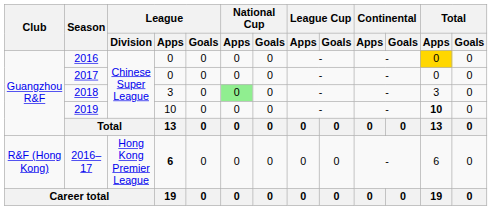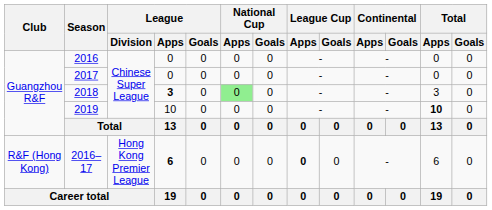 <table class="wikitable" style="text-align: center">
 <tr>
 <th rowspan="2">Club</th>
 <th rowspan="2">Season</th>
 <th colspan="3">League</th>
 <th colspan="2">National Cup</th>
 <th colspan="2">League Cup</th>
 <th colspan="2">Continental</th>
 <th colspan="2">Total</th>
 </tr>
 <tr>
 <th>Division</th>
 <th>Apps</th>
 <th>Goals</th>
 <th>Apps</th>
 <th>Goals</th>
 <th>Apps</th>
 <th>Goals</th>
 <th>Apps</th>
 <th>Goals</th>
 <th>Apps</th>
 <th>Goals</th>
 </tr>
 <tr>
 <td rowspan=5><a href='#'>Guangzhou R&F</a></td>
 <td><a href='#'>2016</a></td>
 <td rowspan=4><a href='#'>Chinese Super League</a></td>
 <td>0</td>
 <td>0</td>
 <td>0</td>
 <td>0</td>
 <td colspan="2">-</td>
 <td colspan="2">-</td>
-<td style="background: gold;">0</td>
+<td>0</td>
 <td>0</td>
 </tr>
 <tr>
 <td><a href='#'>2017</a></td>
 <td>0</td>
 <td>0</td>
 <td>0</td>
 <td>0</td>
 <td colspan="2">-</td>
 <td colspan="2">-</td>
 <td>0</td>
 <td>0</td>
 </tr>
 <tr>
 <td><a href='#'>2018</a></td>
-<td>3</td>
+<td><strong>3</strong></td>
 <td>0</td>
 <td style="background: lightgreen;">0</td>
 <td>0</td>
 <td colspan="2">-</td>
 <td colspan="2">-</td>
 <td>3</td>
 <td>0</td>
 </tr>
 <tr>
 <td><a href='#'>2019</a></td>
 <td>10</td>
 <td>0</td>
 <td>0</td>
 <td>0</td>
 <td colspan="2">-</td>
 <td colspan="2">-</td>
 <td><strong>10</strong></td>
 <td>0</td>
 </tr>
 <tr>
 <th colspan="2"><strong>Total</strong></th>
 <th>13</th>
 <th>0</th>
 <th>0</th>
 <th>0</th>
 <th>0</th>
 <th>0</th>
 <th>0</th>
 <th>0</th>
 <th>13</th>
 <th>0</th>
 </tr>
 <tr>
 <td><a href='#'>R&F (Hong Kong)</a></td>
 <td><a href='#'>2016–17</a></td>
 <td><a href='#'>Hong Kong Premier League</a></td>
 <td><strong>6</strong></td>
 <td>0</td>
 <td>0</td>
 <td>0</td>
-<td>0</td>
+<td><strong>0</strong></td>
 <td>0</td>
 <td colspan="2">-</td>
 <td>6</td>
 <td>0</td>
 </tr>
 <tr>
 <th colspan=3>Career total</th>
 <th>19</th>
 <th>0</th>
 <th>0</th>
 <th>0</th>
 <th>0</th>
 <th>0</th>
 <th>0</th>
 <th>0</th>
 <th>19</th>
 <th>0</th>
 </tr>
 </table>
